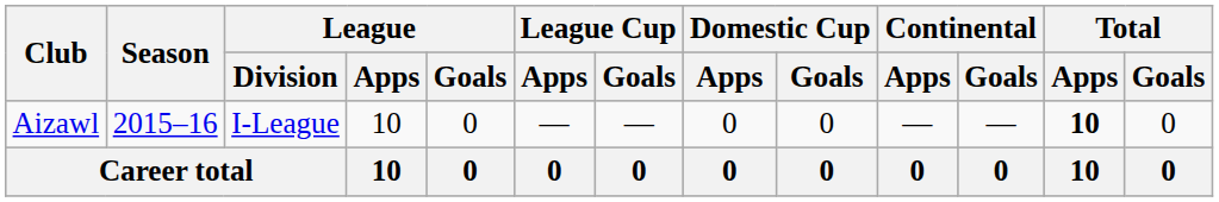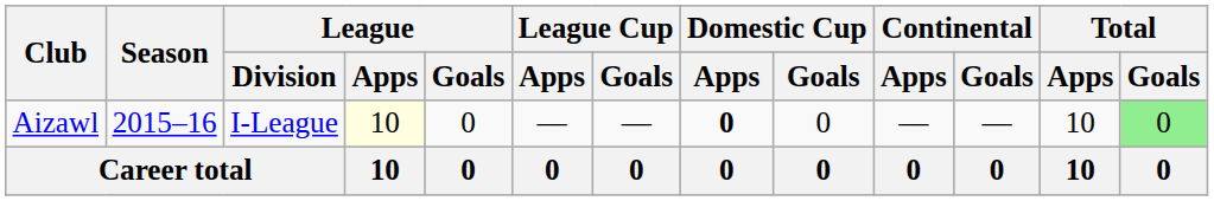 <table class="wikitable" style="text-align: center;">
 <tr>
 <th rowspan="2">Club</th>
 <th rowspan="2">Season</th>
 <th colspan="3">League</th>
 <th colspan="2">League Cup</th>
 <th colspan="2">Domestic Cup</th>
 <th colspan="2">Continental</th>
 <th colspan="2">Total</th>
 </tr>
 <tr>
 <th>Division</th>
 <th>Apps</th>
 <th>Goals</th>
 <th>Apps</th>
 <th>Goals</th>
 <th>Apps</th>
 <th>Goals</th>
 <th>Apps</th>
 <th>Goals</th>
 <th>Apps</th>
 <th>Goals</th>
 </tr>
 <tr>
 <td rowspan="1"><a href='#'>Aizawl</a></td>
 <td><a href='#'>2015–16</a></td>
 <td><a href='#'>I-League</a></td>
-<td>10</td>
+<td style="background: lightyellow;">10</td>
 <td>0</td>
 <td>—</td>
 <td>—</td>
-<td>0</td>
+<td><strong>0</strong></td>
 <td>0</td>
 <td>—</td>
 <td>—</td>
-<td><strong>10</strong></td>
-<td>0</td>
+<td>10</td>
+<td style="background: lightgreen;">0</td>
 </tr>
 <tr>
 <th colspan="3">Career total</th>
 <th>10</th>
 <th>0</th>
 <th>0</th>
 <th>0</th>
 <th>0</th>
 <th>0</th>
 <th>0</th>
 <th>0</th>
 <th>10</th>
 <th>0</th>
 </tr>
 </table>
